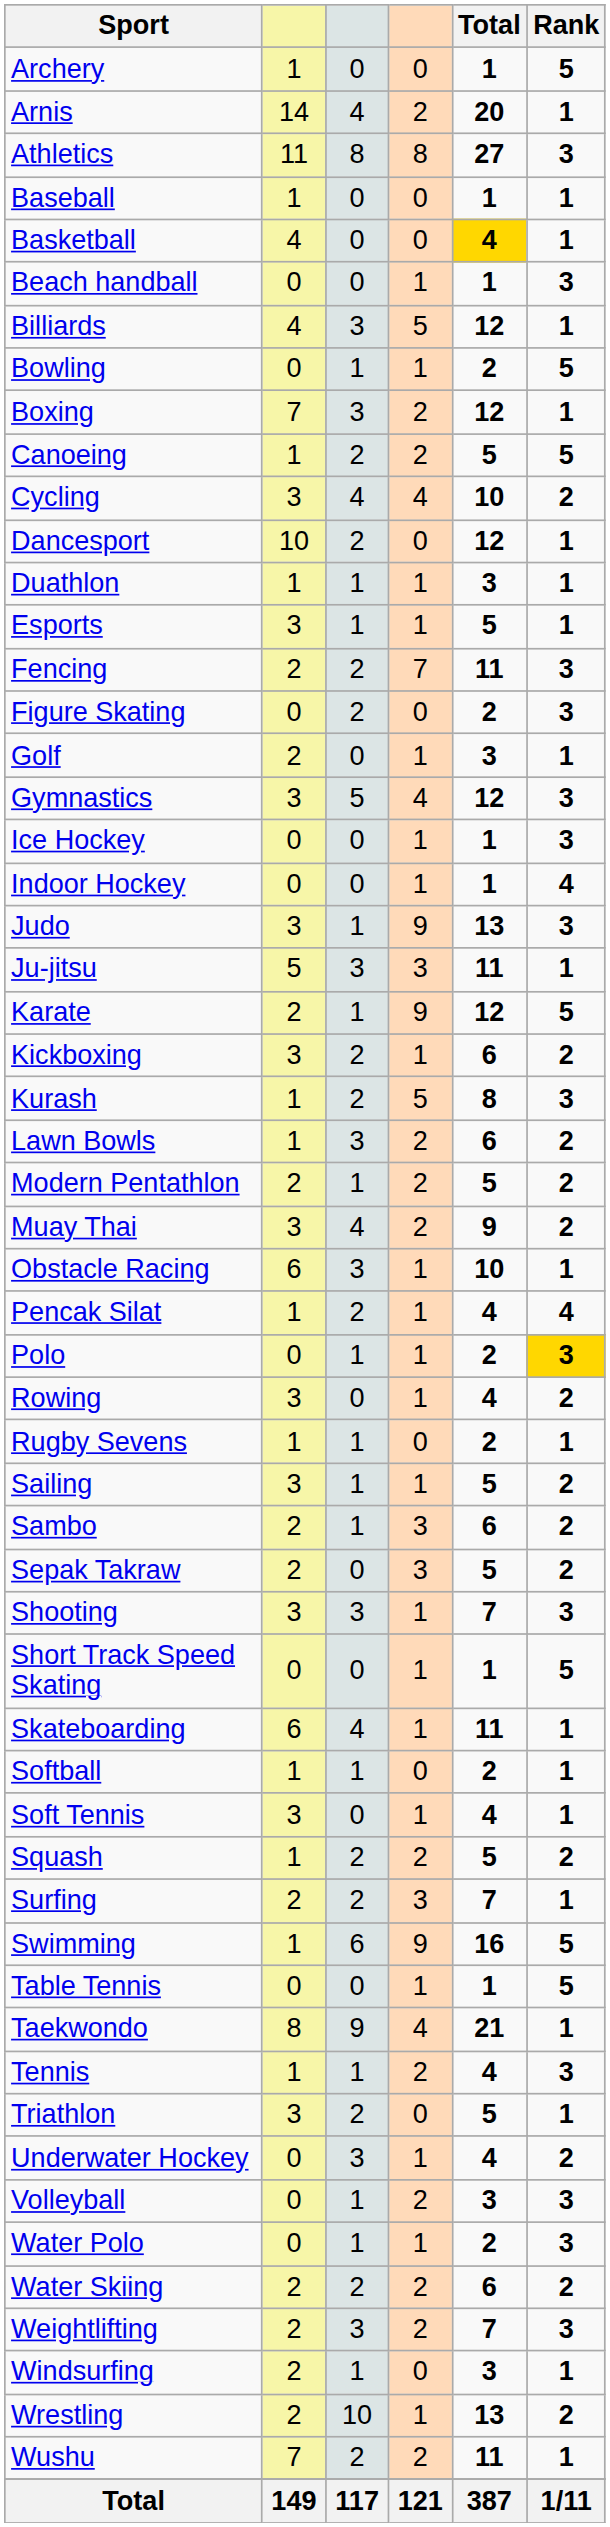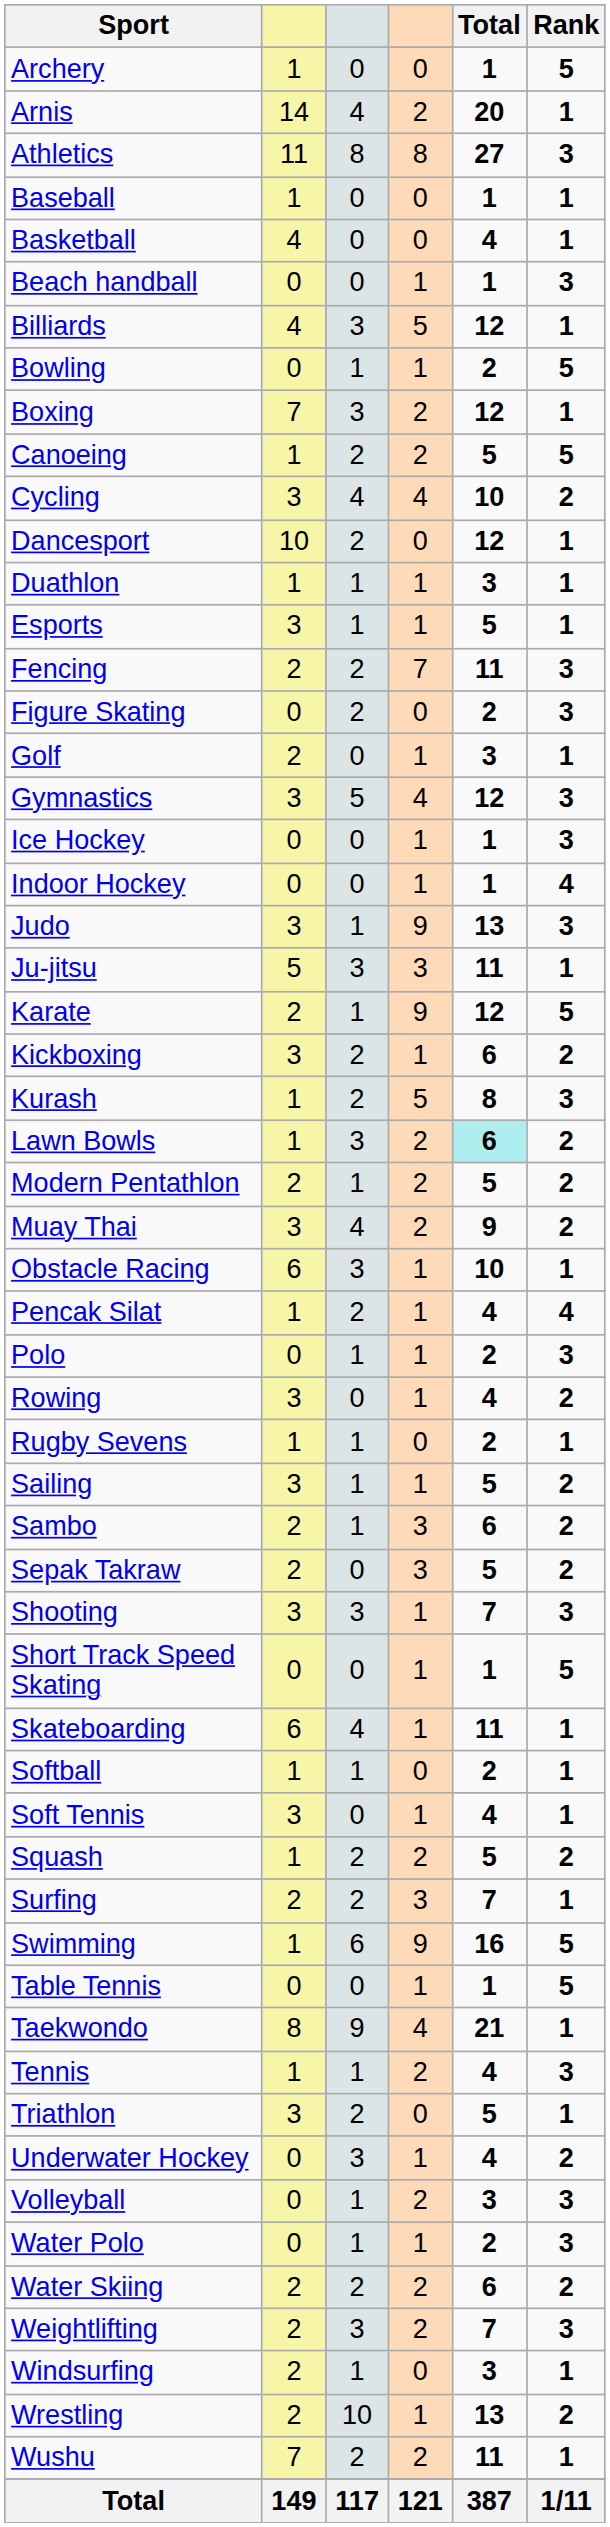 <table class="wikitable sortable" style="font-size:100%; text-align:center;">
 <tr>
 <th width=145>Sport</th>
 <th scope="col" width=30 style="background:#F7F6A8;"></th>
 <th scope="col" width=30 style="background:#DCE5E5;"></th>
 <th scope="col" width=30 style="background:#FFDAB9;"></th>
 <th width=30>Total</th>
 <th width=30>Rank</th>
 </tr>
 <tr>
 <td align=left><a href='#'>Archery</a></td>
 <td style="background:#F7F6A8;">1</td>
 <td style="background:#DCE5E5;">0</td>
 <td style="background:#FFDAB9;">0</td>
 <td><strong>1</strong></td>
 <td><strong>5</strong></td>
 </tr>
 <tr>
 <td align=left><a href='#'>Arnis</a></td>
 <td style="background:#F7F6A8;">14</td>
 <td style="background:#DCE5E5;">4</td>
 <td style="background:#FFDAB9;">2</td>
 <td><strong>20</strong></td>
 <td><strong>1</strong></td>
 </tr>
 <tr>
 <td align=left><a href='#'>Athletics</a></td>
 <td style="background:#F7F6A8;">11</td>
 <td style="background:#DCE5E5;">8</td>
 <td style="background:#FFDAB9;">8</td>
 <td><strong>27</strong></td>
 <td><strong>3</strong></td>
 </tr>
 <tr>
 <td align=left><a href='#'>Baseball</a></td>
 <td style="background:#F7F6A8;">1</td>
 <td style="background:#DCE5E5;">0</td>
 <td style="background:#FFDAB9;">0</td>
 <td><strong>1</strong></td>
 <td><strong>1</strong></td>
 </tr>
 <tr>
 <td align=left><a href='#'>Basketball</a></td>
 <td style="background:#F7F6A8;">4</td>
 <td style="background:#DCE5E5;">0</td>
 <td style="background:#FFDAB9;">0</td>
-<td style="background: gold;"><strong>4</strong></td>
+<td><strong>4</strong></td>
 <td><strong>1</strong></td>
 </tr>
 <tr>
 <td align=left><a href='#'>Beach handball</a></td>
 <td style="background:#F7F6A8;">0</td>
 <td style="background:#DCE5E5;">0</td>
 <td style="background:#FFDAB9;">1</td>
 <td><strong>1</strong></td>
 <td><strong>3</strong></td>
 </tr>
 <tr>
 <td align=left><a href='#'>Billiards</a></td>
 <td style="background:#F7F6A8;">4</td>
 <td style="background:#DCE5E5;">3</td>
 <td style="background:#FFDAB9;">5</td>
 <td><strong>12</strong></td>
 <td><strong>1</strong></td>
 </tr>
 <tr>
 <td align=left><a href='#'>Bowling</a></td>
 <td style="background:#F7F6A8;">0</td>
 <td style="background:#DCE5E5;">1</td>
 <td style="background:#FFDAB9;">1</td>
 <td><strong>2</strong></td>
 <td><strong>5</strong></td>
 </tr>
 <tr>
 <td align=left><a href='#'>Boxing</a></td>
 <td style="background:#F7F6A8;">7</td>
 <td style="background:#DCE5E5;">3</td>
 <td style="background:#FFDAB9;">2</td>
 <td><strong>12</strong></td>
 <td><strong>1</strong></td>
 </tr>
 <tr>
 <td align=left><a href='#'>Canoeing</a></td>
 <td style="background:#F7F6A8;">1</td>
 <td style="background:#DCE5E5;">2</td>
 <td style="background:#FFDAB9;">2</td>
 <td><strong>5</strong></td>
 <td><strong>5</strong></td>
 </tr>
 <tr>
 <td align=left><a href='#'>Cycling</a></td>
 <td style="background:#F7F6A8;">3</td>
 <td style="background:#DCE5E5;">4</td>
 <td style="background:#FFDAB9;">4</td>
 <td><strong>10</strong></td>
 <td><strong>2</strong></td>
 </tr>
 <tr>
 <td align=left><a href='#'>Dancesport</a></td>
 <td style="background:#F7F6A8;">10</td>
 <td style="background:#DCE5E5;">2</td>
 <td style="background:#FFDAB9;">0</td>
 <td><strong>12</strong></td>
 <td><strong>1</strong></td>
 </tr>
 <tr>
 <td align=left><a href='#'>Duathlon</a></td>
 <td style="background:#F7F6A8;">1</td>
 <td style="background:#DCE5E5;">1</td>
 <td style="background:#FFDAB9;">1</td>
 <td><strong>3</strong></td>
 <td><strong>1</strong></td>
 </tr>
 <tr>
 <td align=left><a href='#'>Esports</a></td>
 <td style="background:#F7F6A8;">3</td>
 <td style="background:#DCE5E5;">1</td>
 <td style="background:#FFDAB9;">1</td>
 <td><strong>5</strong></td>
 <td><strong>1</strong></td>
 </tr>
 <tr>
 <td align=left><a href='#'>Fencing</a></td>
 <td style="background:#F7F6A8;">2</td>
 <td style="background:#DCE5E5;">2</td>
 <td style="background:#FFDAB9;">7</td>
 <td><strong>11</strong></td>
 <td><strong>3</strong></td>
 </tr>
 <tr>
 <td align=left><a href='#'>Figure Skating</a></td>
 <td style="background:#F7F6A8;">0</td>
 <td style="background:#DCE5E5;">2</td>
 <td style="background:#FFDAB9;">0</td>
 <td><strong>2</strong></td>
 <td><strong>3</strong></td>
 </tr>
 <tr>
 <td align=left><a href='#'>Golf</a></td>
 <td style="background:#F7F6A8;">2</td>
 <td style="background:#DCE5E5;">0</td>
 <td style="background:#FFDAB9;">1</td>
 <td><strong>3</strong></td>
 <td><strong>1</strong></td>
 </tr>
 <tr>
 <td align=left><a href='#'>Gymnastics</a></td>
 <td style="background:#F7F6A8;">3</td>
 <td style="background:#DCE5E5;">5</td>
 <td style="background:#FFDAB9;">4</td>
 <td><strong>12</strong></td>
 <td><strong>3</strong></td>
 </tr>
 <tr>
 <td align=left><a href='#'>Ice Hockey</a></td>
 <td style="background:#F7F6A8;">0</td>
 <td style="background:#DCE5E5;">0</td>
 <td style="background:#FFDAB9;">1</td>
 <td><strong>1</strong></td>
 <td><strong>3</strong></td>
 </tr>
 <tr>
 <td align=left><a href='#'>Indoor Hockey</a></td>
 <td style="background:#F7F6A8;">0</td>
 <td style="background:#DCE5E5;">0</td>
 <td style="background:#FFDAB9;">1</td>
 <td><strong>1</strong></td>
 <td><strong>4</strong></td>
 </tr>
 <tr>
 <td align=left><a href='#'>Judo</a></td>
 <td style="background:#F7F6A8;">3</td>
 <td style="background:#DCE5E5;">1</td>
 <td style="background:#FFDAB9;">9</td>
 <td><strong>13</strong></td>
 <td><strong>3</strong></td>
 </tr>
 <tr>
 <td align=left><a href='#'>Ju-jitsu</a></td>
 <td style="background:#F7F6A8;">5</td>
 <td style="background:#DCE5E5;">3</td>
 <td style="background:#FFDAB9;">3</td>
 <td><strong>11</strong></td>
 <td><strong>1</strong></td>
 </tr>
 <tr>
 <td align=left><a href='#'>Karate</a></td>
 <td style="background:#F7F6A8;">2</td>
 <td style="background:#DCE5E5;">1</td>
 <td style="background:#FFDAB9;">9</td>
 <td><strong>12</strong></td>
 <td><strong>5</strong></td>
 </tr>
 <tr>
 <td align=left><a href='#'>Kickboxing</a></td>
 <td style="background:#F7F6A8;">3</td>
 <td style="background:#DCE5E5;">2</td>
 <td style="background:#FFDAB9;">1</td>
 <td><strong>6</strong></td>
 <td><strong>2</strong></td>
 </tr>
 <tr>
 <td align=left><a href='#'>Kurash</a></td>
 <td style="background:#F7F6A8;">1</td>
 <td style="background:#DCE5E5;">2</td>
 <td style="background:#FFDAB9;">5</td>
 <td><strong>8</strong></td>
 <td><strong>3</strong></td>
 </tr>
 <tr>
 <td align=left><a href='#'>Lawn Bowls</a></td>
 <td style="background:#F7F6A8;">1</td>
 <td style="background:#DCE5E5;">3</td>
 <td style="background:#FFDAB9;">2</td>
-<td><strong>6</strong></td>
+<td style="background: paleturquoise;"><strong>6</strong></td>
 <td><strong>2</strong></td>
 </tr>
 <tr>
 <td align=left><a href='#'>Modern Pentathlon</a></td>
 <td style="background:#F7F6A8;">2</td>
 <td style="background:#DCE5E5;">1</td>
 <td style="background:#FFDAB9;">2</td>
 <td><strong>5</strong></td>
 <td><strong>2</strong></td>
 </tr>
 <tr>
 <td align=left><a href='#'>Muay Thai</a></td>
 <td style="background:#F7F6A8;">3</td>
 <td style="background:#DCE5E5;">4</td>
 <td style="background:#FFDAB9;">2</td>
 <td><strong>9</strong></td>
 <td><strong>2</strong></td>
 </tr>
 <tr>
 <td align=left><a href='#'>Obstacle Racing</a></td>
 <td style="background:#F7F6A8;">6</td>
 <td style="background:#DCE5E5;">3</td>
 <td style="background:#FFDAB9;">1</td>
 <td><strong>10</strong></td>
 <td><strong>1</strong></td>
 </tr>
 <tr>
 <td align=left><a href='#'>Pencak Silat</a></td>
 <td style="background:#F7F6A8;">1</td>
 <td style="background:#DCE5E5;">2</td>
 <td style="background:#FFDAB9;">1</td>
 <td><strong>4</strong></td>
 <td><strong>4</strong></td>
 </tr>
 <tr>
 <td align=left><a href='#'>Polo</a></td>
 <td style="background:#F7F6A8;">0</td>
 <td style="background:#DCE5E5;">1</td>
 <td style="background:#FFDAB9;">1</td>
 <td><strong>2</strong></td>
-<td style="background: gold;"><strong>3</strong></td>
+<td><strong>3</strong></td>
 </tr>
 <tr>
 <td align=left><a href='#'>Rowing</a></td>
 <td style="background:#F7F6A8;">3</td>
 <td style="background:#DCE5E5;">0</td>
 <td style="background:#FFDAB9;">1</td>
 <td><strong>4</strong></td>
 <td><strong>2</strong></td>
 </tr>
 <tr>
 <td align=left><a href='#'>Rugby Sevens</a></td>
 <td style="background:#F7F6A8;">1</td>
 <td style="background:#DCE5E5;">1</td>
 <td style="background:#FFDAB9;">0</td>
 <td><strong>2</strong></td>
 <td><strong>1</strong></td>
 </tr>
 <tr>
 <td align=left><a href='#'>Sailing</a></td>
 <td style="background:#F7F6A8;">3</td>
 <td style="background:#DCE5E5;">1</td>
 <td style="background:#FFDAB9;">1</td>
 <td><strong>5</strong></td>
 <td><strong>2</strong></td>
 </tr>
 <tr>
 <td align=left><a href='#'>Sambo</a></td>
 <td style="background:#F7F6A8;">2</td>
 <td style="background:#DCE5E5;">1</td>
 <td style="background:#FFDAB9;">3</td>
 <td><strong>6</strong></td>
 <td><strong>2</strong></td>
 </tr>
 <tr>
 <td align=left><a href='#'>Sepak Takraw</a></td>
 <td style="background:#F7F6A8;">2</td>
 <td style="background:#DCE5E5;">0</td>
 <td style="background:#FFDAB9;">3</td>
 <td><strong>5</strong></td>
 <td><strong>2</strong></td>
 </tr>
 <tr>
 <td align=left><a href='#'>Shooting</a></td>
 <td style="background:#F7F6A8;">3</td>
 <td style="background:#DCE5E5;">3</td>
 <td style="background:#FFDAB9;">1</td>
 <td><strong>7</strong></td>
 <td><strong>3</strong></td>
 </tr>
 <tr>
 <td align=left><a href='#'>Short Track Speed Skating</a></td>
 <td style="background:#F7F6A8;">0</td>
 <td style="background:#DCE5E5;">0</td>
 <td style="background:#FFDAB9;">1</td>
 <td><strong>1</strong></td>
 <td><strong>5</strong></td>
 </tr>
 <tr>
 <td align=left><a href='#'>Skateboarding</a></td>
 <td style="background:#F7F6A8;">6</td>
 <td style="background:#DCE5E5;">4</td>
 <td style="background:#FFDAB9;">1</td>
 <td><strong>11</strong></td>
 <td><strong>1</strong></td>
 </tr>
 <tr>
 <td align=left><a href='#'>Softball</a></td>
 <td style="background:#F7F6A8;">1</td>
 <td style="background:#DCE5E5;">1</td>
 <td style="background:#FFDAB9;">0</td>
 <td><strong>2</strong></td>
 <td><strong>1</strong></td>
 </tr>
 <tr>
 <td align=left><a href='#'>Soft Tennis</a></td>
 <td style="background:#F7F6A8;">3</td>
 <td style="background:#DCE5E5;">0</td>
 <td style="background:#FFDAB9;">1</td>
 <td><strong>4</strong></td>
 <td><strong>1</strong></td>
 </tr>
 <tr>
 <td align=left><a href='#'>Squash</a></td>
 <td style="background:#F7F6A8;">1</td>
 <td style="background:#DCE5E5;">2</td>
 <td style="background:#FFDAB9;">2</td>
 <td><strong>5</strong></td>
 <td><strong>2</strong></td>
 </tr>
 <tr>
 <td align=left><a href='#'>Surfing</a></td>
 <td style="background:#F7F6A8;">2</td>
 <td style="background:#DCE5E5;">2</td>
 <td style="background:#FFDAB9;">3</td>
 <td><strong>7</strong></td>
 <td><strong>1</strong></td>
 </tr>
 <tr>
 <td align="left"><a href='#'>Swimming</a></td>
 <td style="background:#F7F6A8;">1</td>
 <td style="background:#DCE5E5;">6</td>
 <td style="background:#FFDAB9;">9</td>
 <td><strong>16</strong></td>
 <td><strong>5</strong></td>
 </tr>
 <tr>
 <td align=left><a href='#'>Table Tennis</a></td>
 <td style="background:#F7F6A8;">0</td>
 <td style="background:#DCE5E5;">0</td>
 <td style="background:#FFDAB9;">1</td>
 <td><strong>1</strong></td>
 <td><strong>5</strong></td>
 </tr>
 <tr>
 <td align=left><a href='#'>Taekwondo</a></td>
 <td style="background:#F7F6A8;">8</td>
 <td style="background:#DCE5E5;">9</td>
 <td style="background:#FFDAB9;">4</td>
 <td><strong>21</strong></td>
 <td><strong>1</strong></td>
 </tr>
 <tr>
 <td align=left><a href='#'>Tennis</a></td>
 <td style="background:#F7F6A8;">1</td>
 <td style="background:#DCE5E5;">1</td>
 <td style="background:#FFDAB9;">2</td>
 <td><strong>4</strong></td>
 <td><strong>3</strong></td>
 </tr>
 <tr>
 <td align=left><a href='#'>Triathlon</a></td>
 <td style="background:#F7F6A8;">3</td>
 <td style="background:#DCE5E5;">2</td>
 <td style="background:#FFDAB9;">0</td>
 <td><strong>5</strong></td>
 <td><strong>1</strong></td>
 </tr>
 <tr>
 <td align=left><a href='#'>Underwater Hockey</a></td>
 <td style="background:#F7F6A8;">0</td>
 <td style="background:#DCE5E5;">3</td>
 <td style="background:#FFDAB9;">1</td>
 <td><strong>4</strong></td>
 <td><strong>2</strong></td>
 </tr>
 <tr>
 <td align=left><a href='#'>Volleyball</a></td>
 <td style="background:#F7F6A8;">0</td>
 <td style="background:#DCE5E5;">1</td>
 <td style="background:#FFDAB9;">2</td>
 <td><strong>3</strong></td>
 <td><strong>3</strong></td>
 </tr>
 <tr>
 <td align="left"><a href='#'>Water Polo</a></td>
 <td style="background:#F7F6A8;">0</td>
 <td style="background:#DCE5E5;">1</td>
 <td style="background:#FFDAB9;">1</td>
 <td><strong>2</strong></td>
 <td><strong>3</strong></td>
 </tr>
 <tr>
 <td align=left><a href='#'>Water Skiing</a></td>
 <td style="background:#F7F6A8;">2</td>
 <td style="background:#DCE5E5;">2</td>
 <td style="background:#FFDAB9;">2</td>
 <td><strong>6</strong></td>
 <td><strong>2</strong></td>
 </tr>
 <tr>
 <td align=left><a href='#'>Weightlifting</a></td>
 <td style="background:#F7F6A8;">2</td>
 <td style="background:#DCE5E5;">3</td>
 <td style="background:#FFDAB9;">2</td>
 <td><strong>7</strong></td>
 <td><strong>3</strong></td>
 </tr>
 <tr>
 <td align=left><a href='#'>Windsurfing</a></td>
 <td style="background:#F7F6A8;">2</td>
 <td style="background:#DCE5E5;">1</td>
 <td style="background:#FFDAB9;">0</td>
 <td><strong>3</strong></td>
 <td><strong>1</strong></td>
 </tr>
 <tr>
 <td align=left><a href='#'>Wrestling</a></td>
 <td style="background:#F7F6A8;">2</td>
 <td style="background:#DCE5E5;">10</td>
 <td style="background:#FFDAB9;">1</td>
 <td><strong>13</strong></td>
 <td><strong>2</strong></td>
 </tr>
 <tr>
 <td align=left><a href='#'>Wushu</a></td>
 <td style="background:#F7F6A8;">7</td>
 <td style="background:#DCE5E5;">2</td>
 <td style="background:#FFDAB9;">2</td>
 <td><strong>11</strong></td>
 <td><strong>1</strong></td>
 </tr>
 <tr>
 </tr>
 <tr class="sortbottom">
 <th>Total</th>
 <th>149</th>
 <th>117</th>
 <th>121</th>
 <th>387</th>
 <th><strong>1/11</strong></th>
 </tr>
 </table>
